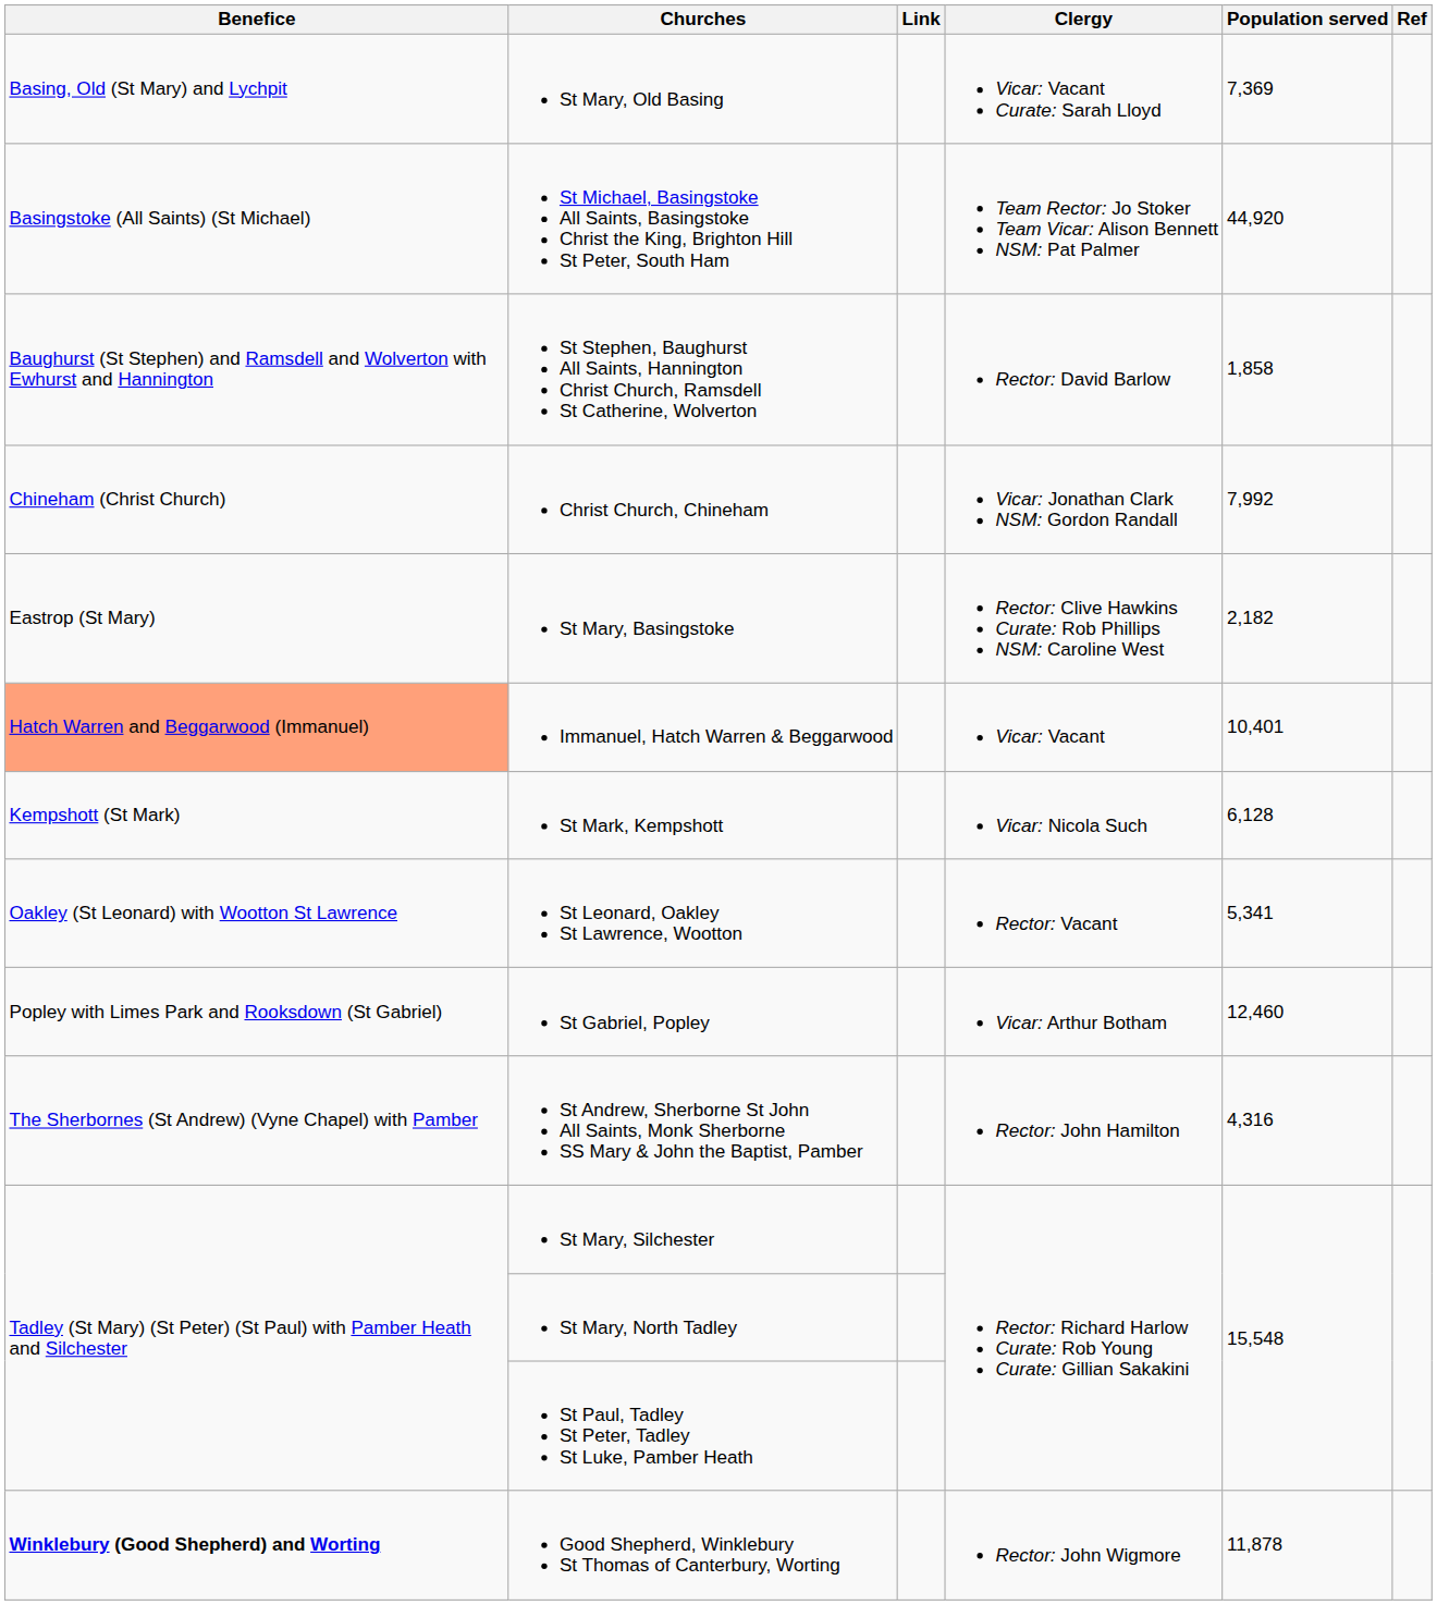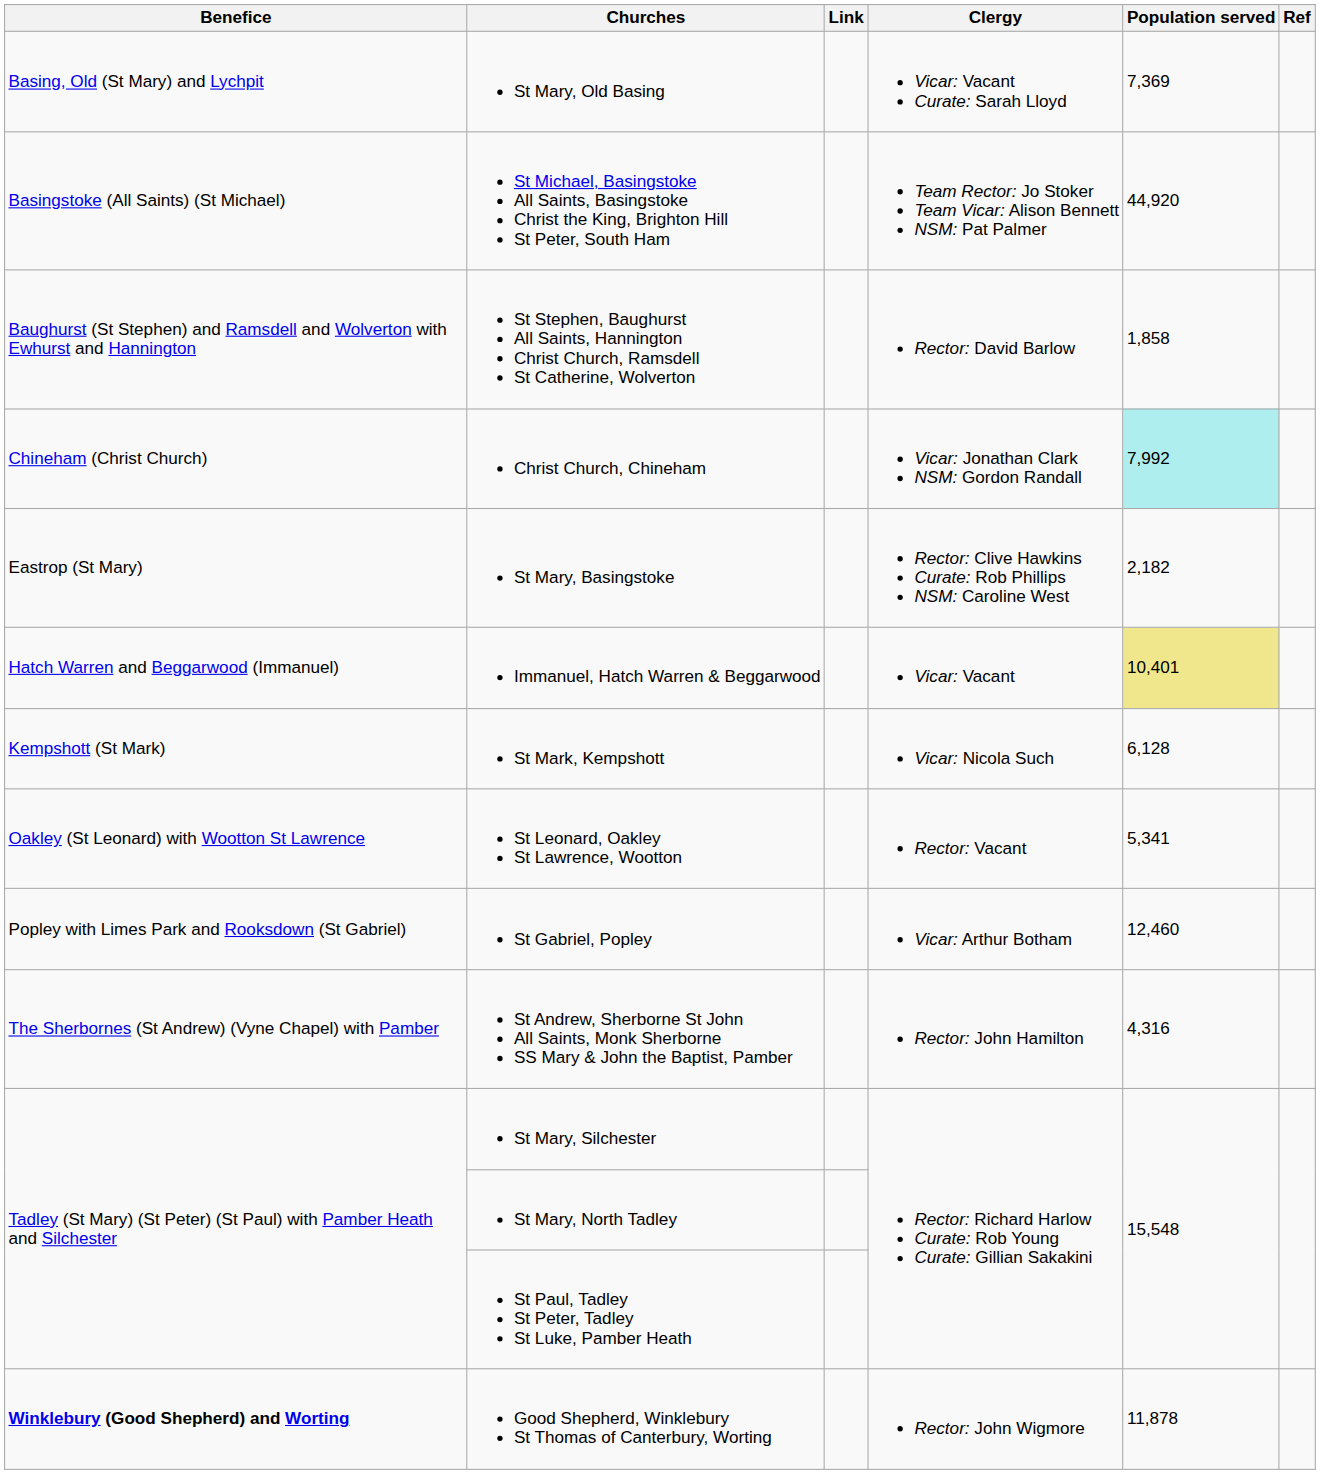 <table class="wikitable">
 <tr>
 <th style="width:425px;">Benefice</th>
 <th>Churches</th>
 <th>Link</th>
 <th>Clergy</th>
 <th>Population served</th>
 <th>Ref</th>
 </tr>
 <tr>
 <td><a href='#'>Basing, Old</a> (St Mary) and <a href='#'>Lychpit</a></td>
 <td><br><ul><li>St Mary, Old Basing</li></ul></td>
 <td></td>
 <td><br><ul><li><em>Vicar:</em> Vacant</li><li><em>Curate:</em> Sarah Lloyd</li></ul></td>
 <td>7,369</td>
 <td></td>
 </tr>
 <tr>
 <td><a href='#'>Basingstoke</a> (All Saints) (St Michael)</td>
 <td><br><ul><li><a href='#'>St Michael, Basingstoke</a></li><li>All Saints, Basingstoke</li><li>Christ the King, Brighton Hill</li><li>St Peter, South Ham</li></ul></td>
 <td></td>
 <td><br><ul><li><em>Team Rector:</em> Jo Stoker</li><li><em>Team Vicar:</em> Alison Bennett</li><li><em>NSM:</em> Pat Palmer</li></ul></td>
 <td>44,920</td>
 <td></td>
 </tr>
 <tr>
 <td><a href='#'>Baughurst</a> (St Stephen) and <a href='#'>Ramsdell</a> and <a href='#'>Wolverton</a> with <a href='#'>Ewhurst</a> and <a href='#'>Hannington</a></td>
 <td><br><ul><li>St Stephen, Baughurst</li><li>All Saints, Hannington</li><li>Christ Church, Ramsdell</li><li>St Catherine, Wolverton</li></ul></td>
 <td></td>
 <td><br><ul><li><em>Rector:</em> David Barlow</li></ul></td>
 <td>1,858</td>
 <td></td>
 </tr>
 <tr>
 <td><a href='#'>Chineham</a> (Christ Church)</td>
 <td><br><ul><li>Christ Church, Chineham</li></ul></td>
 <td></td>
 <td><br><ul><li><em>Vicar:</em> Jonathan Clark</li><li><em>NSM:</em> Gordon Randall</li></ul></td>
-<td>7,992</td>
+<td style="background: paleturquoise;">7,992</td>
 <td></td>
 </tr>
 <tr>
 <td>Eastrop (St Mary)</td>
 <td><br><ul><li>St Mary, Basingstoke</li></ul></td>
 <td></td>
 <td><br><ul><li><em>Rector:</em> Clive Hawkins</li><li><em>Curate:</em> Rob Phillips</li><li><em>NSM:</em> Caroline West</li></ul></td>
 <td>2,182</td>
 <td></td>
 </tr>
 <tr>
-<td style="background: lightsalmon;"><a href='#'>Hatch Warren</a> and <a href='#'>Beggarwood</a> (Immanuel)</td>
+<td><a href='#'>Hatch Warren</a> and <a href='#'>Beggarwood</a> (Immanuel)</td>
 <td><br><ul><li>Immanuel, Hatch Warren & Beggarwood</li></ul></td>
 <td></td>
 <td><br><ul><li><em>Vicar:</em> Vacant</li></ul></td>
-<td>10,401</td>
+<td style="background: khaki;">10,401</td>
 <td></td>
 </tr>
 <tr>
 <td><a href='#'>Kempshott</a> (St Mark)</td>
 <td><br><ul><li>St Mark, Kempshott</li></ul></td>
 <td></td>
 <td><br><ul><li><em>Vicar:</em> Nicola Such</li></ul></td>
 <td>6,128</td>
 <td></td>
 </tr>
 <tr>
 <td><a href='#'>Oakley</a> (St Leonard) with <a href='#'>Wootton St Lawrence</a></td>
 <td><br><ul><li>St Leonard, Oakley</li><li>St Lawrence, Wootton</li></ul></td>
 <td></td>
 <td><br><ul><li><em>Rector:</em> Vacant</li></ul></td>
 <td>5,341</td>
 <td></td>
 </tr>
 <tr>
 <td>Popley with Limes Park and <a href='#'>Rooksdown</a> (St Gabriel)</td>
 <td><br><ul><li>St Gabriel, Popley</li></ul></td>
 <td></td>
 <td><br><ul><li><em>Vicar:</em> Arthur Botham</li></ul></td>
 <td>12,460</td>
 <td></td>
 </tr>
 <tr>
 <td><a href='#'>The Sherbornes</a> (St Andrew) (Vyne Chapel) with <a href='#'>Pamber</a></td>
 <td><br><ul><li>St Andrew, Sherborne St John</li><li>All Saints, Monk Sherborne</li><li>SS Mary & John the Baptist, Pamber</li></ul></td>
 <td></td>
 <td><br><ul><li><em>Rector:</em> John Hamilton</li></ul></td>
 <td>4,316</td>
 <td></td>
 </tr>
 <tr>
 <td rowspan="3"><a href='#'>Tadley</a> (St Mary) (St Peter) (St Paul) with <a href='#'>Pamber Heath</a> and <a href='#'>Silchester</a></td>
 <td><br><ul><li>St Mary, Silchester</li></ul></td>
 <td></td>
 <td rowspan="3"><br><ul><li><em>Rector:</em> Richard Harlow</li><li><em>Curate:</em> Rob Young</li><li><em>Curate:</em> Gillian Sakakini</li></ul></td>
 <td rowspan="3">15,548</td>
 <td rowspan="3"></td>
 </tr>
 <tr>
 <td><br><ul><li>St Mary, North Tadley</li></ul></td>
 <td></td>
 </tr>
 <tr>
 <td><br><ul><li>St Paul, Tadley</li><li>St Peter, Tadley</li><li>St Luke, Pamber Heath</li></ul></td>
 <td></td>
 </tr>
 <tr>
 <td><strong><a href='#'>Winklebury</a> (Good Shepherd) and <a href='#'>Worting</a></strong></td>
 <td><br><ul><li>Good Shepherd, Winklebury</li><li>St Thomas of Canterbury, Worting</li></ul></td>
 <td></td>
 <td><br><ul><li><em>Rector:</em> John Wigmore</li></ul></td>
 <td>11,878</td>
 <td></td>
 </tr>
 </table>
